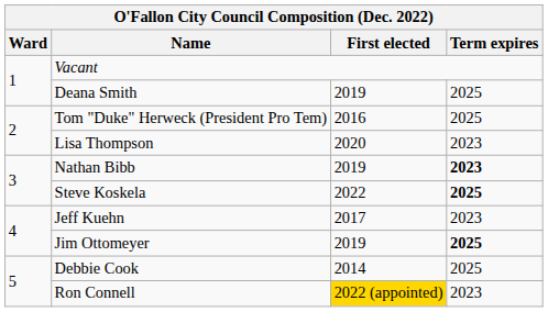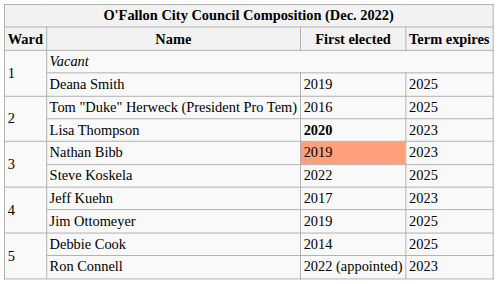 <table class="wikitable">
 <tr>
 <th colspan=4>O'Fallon City Council Composition (Dec. 2022)</th>
 </tr>
 <tr>
 <th>Ward</th>
 <th>Name</th>
 <th>First elected</th>
 <th>Term expires</th>
 </tr>
 <tr>
 <td rowspan=2>1</td>
 <td colspan=3><em>Vacant</em></td>
 </tr>
 <tr>
 <td>Deana Smith</td>
 <td>2019</td>
 <td>2025</td>
 </tr>
 <tr>
 <td rowspan=2>2</td>
 <td>Tom "Duke" Herweck (President Pro Tem)</td>
 <td>2016</td>
 <td>2025</td>
 </tr>
 <tr>
 <td>Lisa Thompson</td>
-<td>2020</td>
+<td><strong>2020</strong></td>
 <td>2023</td>
 </tr>
 <tr>
 <td rowspan=2>3</td>
 <td>Nathan Bibb</td>
-<td>2019</td>
-<td><strong>2023</strong></td>
+<td style="background: lightsalmon;">2019</td>
+<td>2023</td>
 </tr>
 <tr>
 <td>Steve Koskela</td>
 <td>2022</td>
-<td><strong>2025</strong></td>
+<td>2025</td>
 </tr>
 <tr>
 <td rowspan=2>4</td>
 <td>Jeff Kuehn</td>
 <td>2017</td>
 <td>2023</td>
 </tr>
 <tr>
 <td>Jim Ottomeyer</td>
 <td>2019</td>
-<td><strong>2025</strong></td>
+<td>2025</td>
 </tr>
 <tr>
 <td rowspan=2>5</td>
 <td>Debbie Cook</td>
 <td>2014</td>
 <td>2025</td>
 </tr>
 <tr>
 <td>Ron Connell</td>
-<td style="background: gold;">2022 (appointed)</td>
+<td>2022 (appointed)</td>
 <td>2023</td>
 </tr>
 </table>
